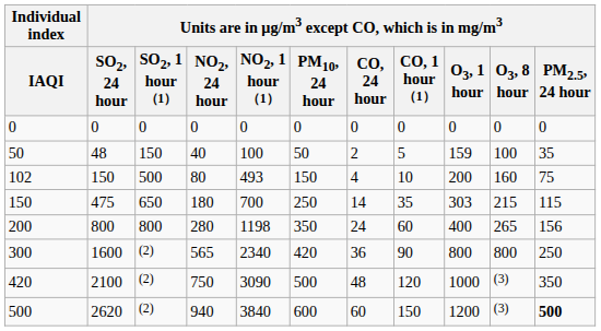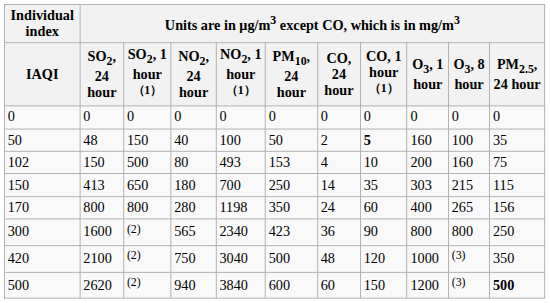 <table class="wikitable">
 <tr>
 <th>Individual index</th>
 <th colspan="10">Units are in μg/m<sup>3</sup> except CO, which is in mg/m<sup>3</sup></th>
 </tr>
 <tr>
 <th>IAQI</th>
 <th>SO<sub>2</sub>, 24 hour</th>
 <th>SO<sub>2</sub>, 1 hour <sup>（1）</sup></th>
 <th>NO<sub>2</sub>, 24 hour</th>
 <th>NO<sub>2</sub>, 1 hour <sup>（1）</sup></th>
 <th>PM<sub>10</sub>, 24 hour</th>
 <th>CO, 24 hour</th>
 <th>CO, 1 hour <sup>（1）</sup></th>
 <th>O<sub>3</sub>, 1 hour</th>
 <th>O<sub>3</sub>, 8 hour</th>
 <th>PM<sub>2.5</sub>, 24 hour</th>
 </tr>
 <tr>
 <td>0</td>
 <td>0</td>
 <td>0</td>
 <td>0</td>
 <td>0</td>
 <td>0</td>
 <td>0</td>
 <td>0</td>
 <td>0</td>
 <td>0</td>
 <td>0</td>
 </tr>
 <tr>
 <td>50</td>
 <td>48</td>
 <td>150</td>
 <td>40</td>
 <td>100</td>
 <td>50</td>
 <td>2</td>
-<td>5</td>
-<td>159</td>
+<td><strong>5</strong></td>
+<td>160</td>
 <td>100</td>
 <td>35</td>
 </tr>
 <tr>
 <td>102</td>
 <td>150</td>
 <td>500</td>
 <td>80</td>
 <td>493</td>
-<td>150</td>
+<td>153</td>
 <td>4</td>
 <td>10</td>
 <td>200</td>
 <td>160</td>
 <td>75</td>
 </tr>
 <tr>
 <td>150</td>
-<td>475</td>
+<td>413</td>
 <td>650</td>
 <td>180</td>
 <td>700</td>
 <td>250</td>
 <td>14</td>
 <td>35</td>
 <td>303</td>
 <td>215</td>
 <td>115</td>
 </tr>
 <tr>
-<td>200</td>
+<td>170</td>
 <td>800</td>
 <td>800</td>
 <td>280</td>
 <td>1198</td>
 <td>350</td>
 <td>24</td>
 <td>60</td>
 <td>400</td>
 <td>265</td>
 <td>156</td>
 </tr>
 <tr>
 <td>300</td>
 <td>1600</td>
 <td><sup> (2) </sup></td>
 <td>565</td>
 <td>2340</td>
-<td>420</td>
+<td>423</td>
 <td>36</td>
 <td>90</td>
 <td>800</td>
 <td>800</td>
 <td>250</td>
 </tr>
 <tr>
 <td>420</td>
 <td>2100</td>
 <td><sup> (2) </sup></td>
 <td>750</td>
-<td>3090</td>
+<td>3040</td>
 <td>500</td>
 <td>48</td>
 <td>120</td>
 <td>1000</td>
 <td><sup> (3) </sup></td>
 <td>350</td>
 </tr>
 <tr>
 <td>500</td>
 <td>2620</td>
 <td><sup> (2) </sup></td>
 <td>940</td>
 <td>3840</td>
 <td>600</td>
 <td>60</td>
 <td>150</td>
 <td>1200</td>
 <td><sup> (3) </sup></td>
 <td><strong>500</strong></td>
 </tr>
 </table>
